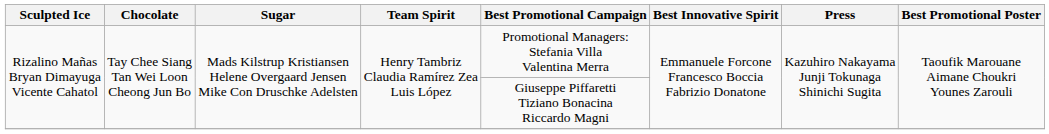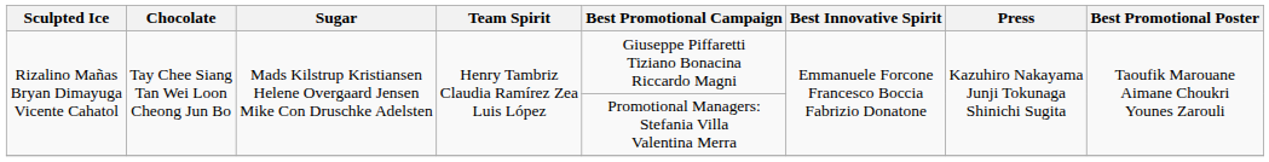 <table class="wikitable" style="margin: 1em auto; text-align: center;">
 <tr>
 <th style=>Sculpted Ice<br></th>
 <th style=>Chocolate<br></th>
 <th style=>Sugar<br></th>
 <th style=>Team Spirit<br></th>
 <th style=>Best Promotional Campaign<br></th>
 <th style=>Best Innovative Spirit<br></th>
 <th style=>Press<br></th>
 <th style=>Best Promotional Poster<br></th>
 </tr>
 <tr>
 <td rowspan=2>Rizalino Mañas <br> Bryan Dimayuga <br>Vicente Cahatol</td>
 <td rowspan=2>Tay Chee Siang<br> Tan Wei Loon<br> Cheong Jun Bo</td>
 <td rowspan=2>Mads Kilstrup Kristiansen <br> Helene Overgaard Jensen <br>Mike Con Druschke Adelsten</td>
 <td rowspan=2>Henry Tambriz<br> Claudia Ramírez Zea <br>Luis López</td>
-<td>Promotional Managers: <br> Stefania Villa <br> Valentina Merra</td>
+<td>Giuseppe Piffaretti<br> Tiziano Bonacina <br>Riccardo Magni</td>
 <td rowspan=2>Emmanuele Forcone <br> Francesco Boccia <br> Fabrizio Donatone</td>
 <td rowspan=2>Kazuhiro Nakayama <br> Junji Tokunaga <br> Shinichi Sugita</td>
 <td rowspan=2>Taoufik Marouane <br> Aimane Choukri <br> Younes Zarouli</td>
 </tr>
 <tr>
-<td>Giuseppe Piffaretti<br> Tiziano Bonacina <br>Riccardo Magni</td>
+<td>Promotional Managers: <br> Stefania Villa <br> Valentina Merra</td>
 </tr>
 <tr>
 </tr>
 </table>
